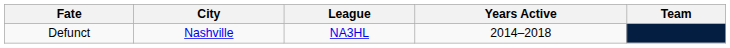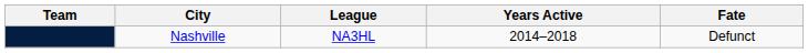 <table class="wikitable sortable" width="60%">
 <tr>
-<th>Fate</th>
+<th>Team</th>
 <th>City</th>
 <th>League</th>
 <th>Years Active</th>
-<th>Team</th>
+<th>Fate</th>
 </tr>
 <tr align=center>
-<td>Defunct</td>
+<td style="color:white; background:#041E42; "><strong><a href='#'></a></strong></td>
 <td><a href='#'>Nashville</a></td>
 <td><a href='#'>NA3HL</a></td>
 <td>2014–2018</td>
-<td style="color:white; background:#041E42; "><strong><a href='#'></a></strong></td>
+<td>Defunct</td>
 </tr>
 </table>
